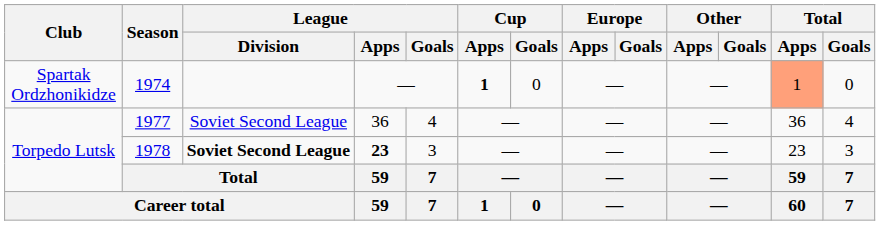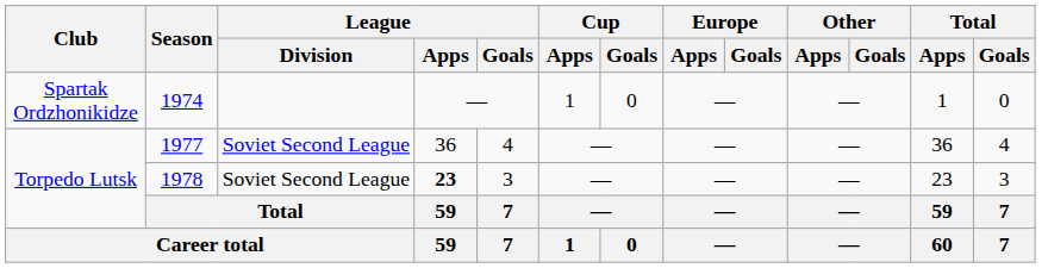 <table class="wikitable" style="text-align:center">
 <tr>
 <th rowspan="2" width="100">Club</th>
 <th rowspan="2">Season</th>
 <th colspan="3">League</th>
 <th colspan="2">Cup</th>
 <th colspan="2">Europe</th>
 <th colspan="2">Other</th>
 <th colspan="2">Total</th>
 </tr>
 <tr>
 <th>Division</th>
 <th width="40">Apps</th>
 <th width="40">Goals</th>
 <th width="40">Apps</th>
 <th width="40">Goals</th>
 <th width="40">Apps</th>
 <th width="40">Goals</th>
 <th width="40">Apps</th>
 <th width="40">Goals</th>
 <th width="40">Apps</th>
 <th width="40">Goals</th>
 </tr>
 <tr>
 <td><a href='#'>Spartak Ordzhonikidze</a></td>
 <td><a href='#'>1974</a></td>
 <td></td>
 <td colspan="2">—</td>
-<td><strong>1</strong></td>
+<td>1</td>
 <td>0</td>
 <td colspan="2">—</td>
 <td colspan="2">—</td>
-<td style="background: lightsalmon;">1</td>
+<td>1</td>
 <td>0</td>
 </tr>
 <tr>
 <td rowspan="3"><a href='#'>Torpedo Lutsk</a></td>
 <td><a href='#'>1977</a></td>
 <td><a href='#'>Soviet Second League</a></td>
 <td>36</td>
 <td>4</td>
 <td colspan="2">—</td>
 <td colspan="2">—</td>
 <td colspan="2">—</td>
 <td>36</td>
 <td>4</td>
 </tr>
 <tr>
 <td><a href='#'>1978</a></td>
-<td><strong>Soviet Second League</strong></td>
+<td>Soviet Second League</td>
 <td><strong>23</strong></td>
 <td>3</td>
 <td colspan="2">—</td>
 <td colspan="2">—</td>
 <td colspan="2">—</td>
 <td>23</td>
 <td>3</td>
 </tr>
 <tr>
 <th colspan="2">Total</th>
 <th>59</th>
 <th>7</th>
 <th colspan="2">—</th>
 <th colspan="2">—</th>
 <th colspan="2">—</th>
 <th>59</th>
 <th>7</th>
 </tr>
 <tr>
 <th colspan="3">Career total</th>
 <th>59</th>
 <th>7</th>
 <th>1</th>
 <th>0</th>
 <th colspan="2">—</th>
 <th colspan="2">—</th>
 <th>60</th>
 <th>7</th>
 </tr>
 </table>
